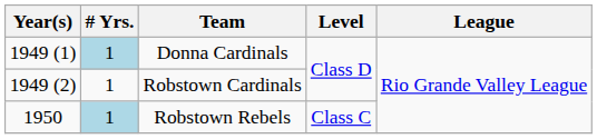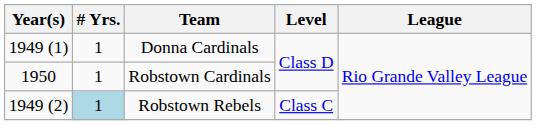 <table class="wikitable" style="text-align:center; font-size: 95%;">
 <tr>
 <th>Year(s)</th>
 <th># Yrs.</th>
 <th>Team</th>
 <th>Level</th>
 <th>League</th>
 </tr>
 <tr>
 <td>1949 (1)</td>
-<td style="background: lightblue;">1</td>
+<td>1</td>
 <td>Donna Cardinals</td>
 <td rowspan=2><a href='#'>Class D</a></td>
 <td rowspan=3><a href='#'>Rio Grande Valley League</a></td>
 </tr>
 <tr>
-<td>1949 (2)</td>
+<td>1950</td>
 <td>1</td>
 <td>Robstown Cardinals</td>
 </tr>
 <tr>
-<td>1950</td>
+<td>1949 (2)</td>
 <td style="background: lightblue;">1</td>
 <td>Robstown Rebels</td>
 <td><a href='#'>Class C</a></td>
 </tr>
 <tr>
 </tr>
 </table>
